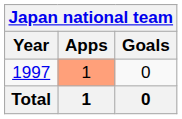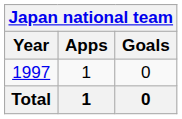 <table class="wikitable" style="text-align:center">
 <tr>
 <th colspan=3><a href='#'>Japan national team</a></th>
 </tr>
 <tr>
 <th>Year</th>
 <th>Apps</th>
 <th>Goals</th>
 </tr>
 <tr>
 <td><a href='#'>1997</a></td>
-<td style="background: lightsalmon;">1</td>
+<td>1</td>
 <td>0</td>
 </tr>
 <tr>
 <th>Total</th>
 <th>1</th>
 <th>0</th>
 </tr>
 </table>
